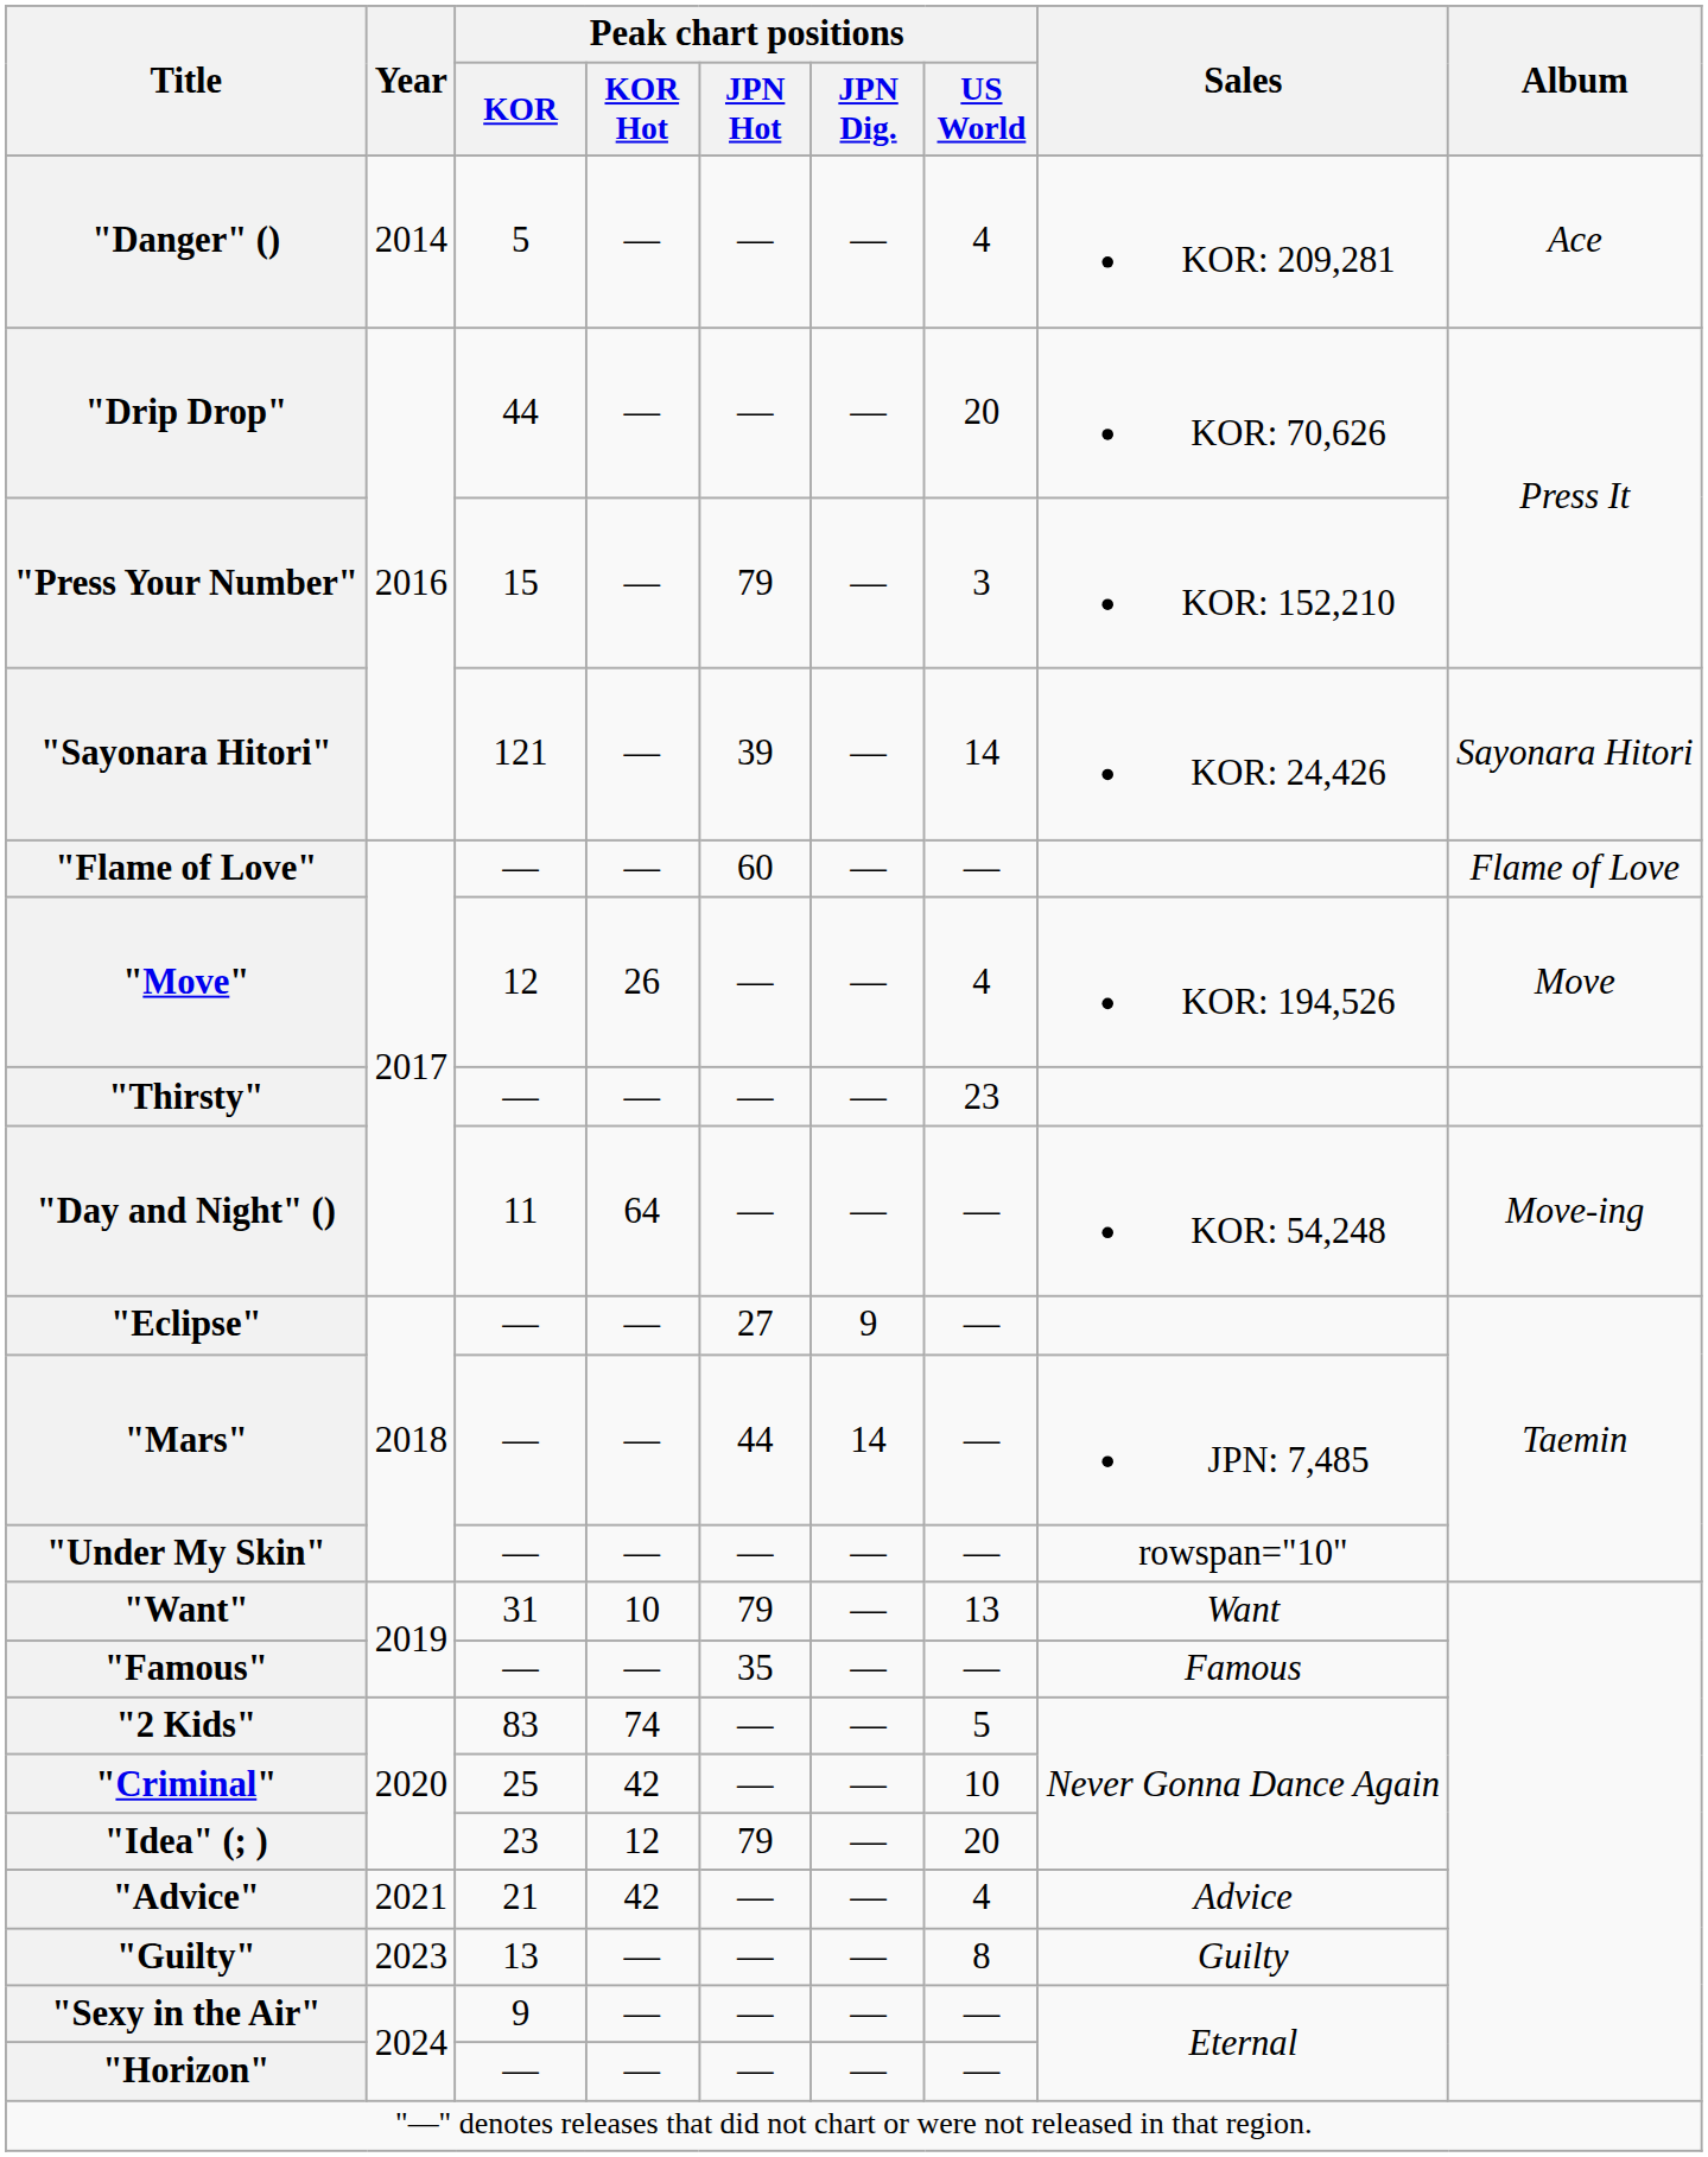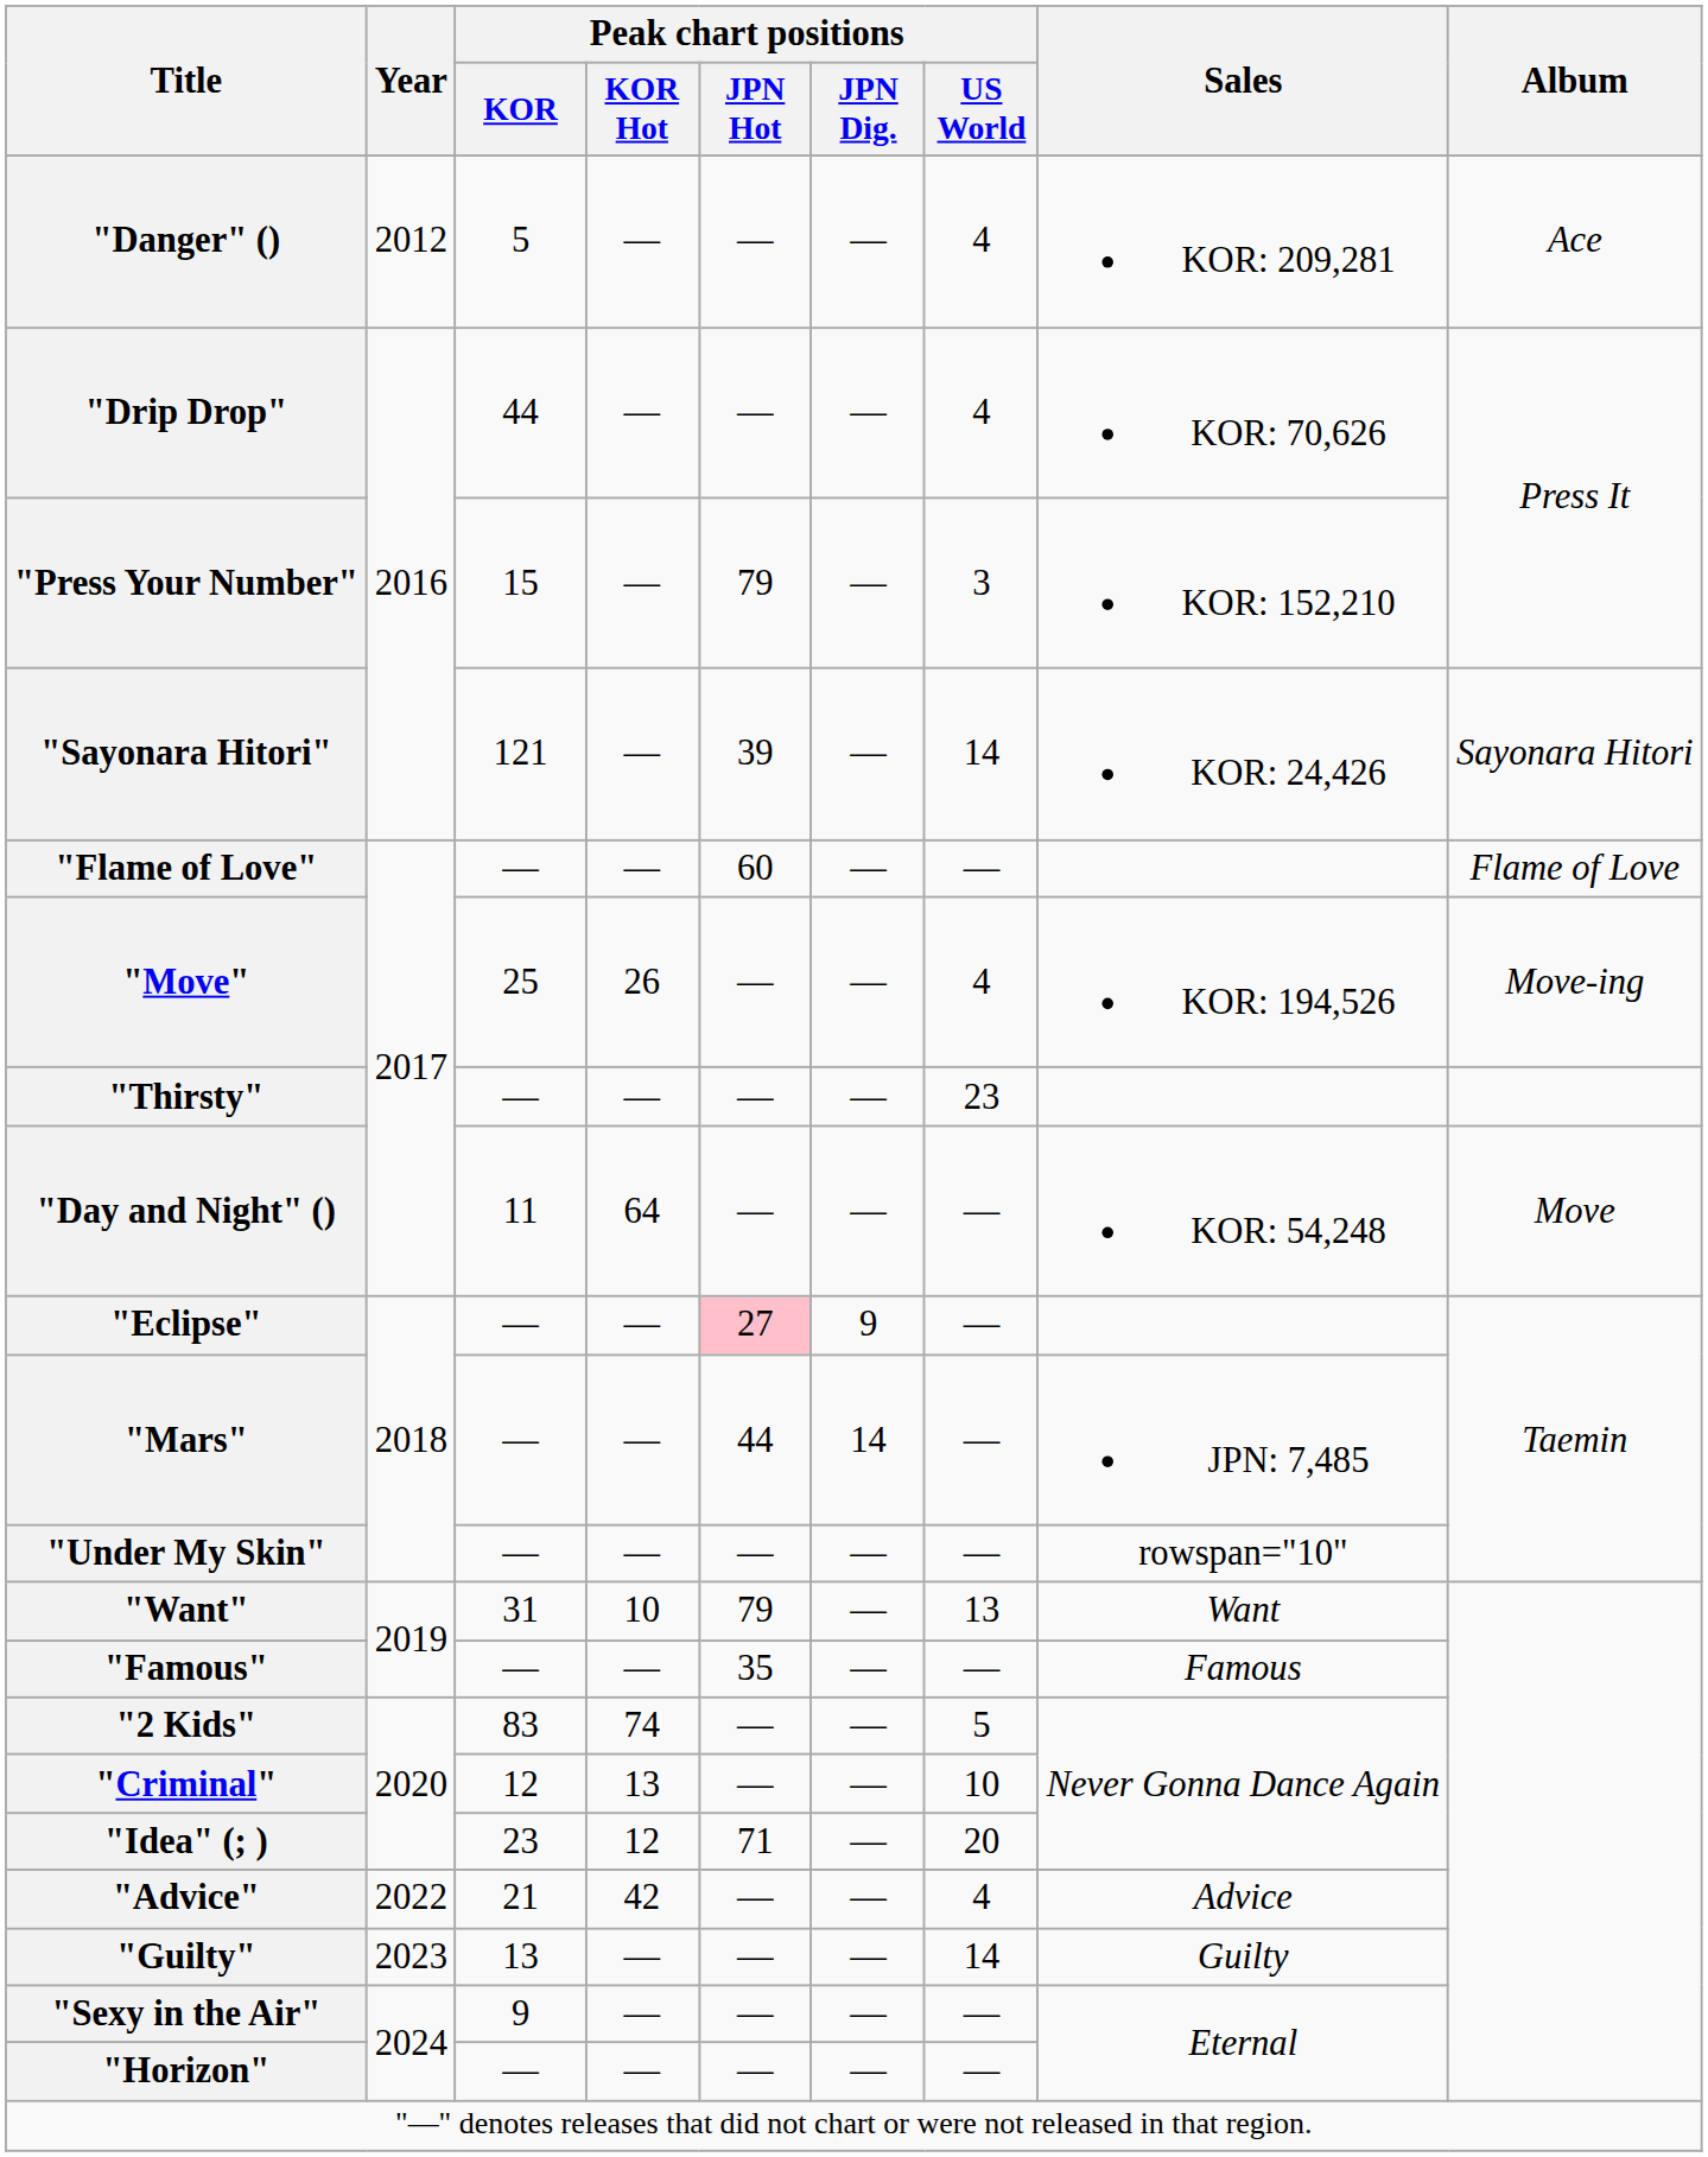 <table class="wikitable plainrowheaders" style="text-align:center;">
 <tr>
 <th scope="col" rowspan="2">Title</th>
 <th scope="col" rowspan="2">Year</th>
 <th scope="col" colspan="5">Peak chart positions</th>
 <th scope="col" rowspan="2">Sales</th>
 <th scope="col" rowspan="2">Album</th>
 </tr>
 <tr>
 <th scope="col" style="width:3.5em;font-size:90%;"><a href='#'>KOR</a><br></th>
 <th scope="col" style="width:3em;font-size:90%;"><a href='#'>KOR<br>Hot</a><br></th>
 <th scope="col" style="width:3em;font-size:90%;"><a href='#'>JPN<br>Hot</a><br></th>
 <th scope="col" style="width:3em;font-size:90%;"><a href='#'>JPN<br>Dig.</a><br></th>
 <th scope="col" style="width:3em;font-size:90%;"><a href='#'>US<br>World</a><br></th>
 </tr>
 <tr>
 <th scope="row">"Danger" ()</th>
-<td>2014</td>
+<td>2012</td>
 <td>5</td>
 <td>—</td>
 <td>—</td>
 <td>—</td>
 <td>4</td>
 <td><br><ul><li>KOR: 209,281</li></ul></td>
 <td><em>Ace</em></td>
 </tr>
 <tr>
 <th scope="row">"Drip Drop"</th>
 <td rowspan="3">2016</td>
 <td>44</td>
 <td>—</td>
 <td>—</td>
 <td>—</td>
-<td>20</td>
+<td>4</td>
 <td><br><ul><li>KOR: 70,626</li></ul></td>
 <td rowspan="2"><em>Press It</em></td>
 </tr>
 <tr>
 <th scope="row">"Press Your Number"</th>
 <td>15</td>
 <td>—</td>
 <td>79</td>
 <td>—</td>
 <td>3</td>
 <td><br><ul><li>KOR: 152,210</li></ul></td>
 </tr>
 <tr>
 <th scope="row">"Sayonara Hitori" </th>
 <td>121</td>
 <td>—</td>
 <td>39</td>
 <td>—</td>
 <td>14</td>
 <td><br><ul><li>KOR: 24,426</li></ul></td>
 <td><em>Sayonara Hitori</em></td>
 </tr>
 <tr>
 <th scope="row">"Flame of Love"</th>
 <td rowspan="4">2017</td>
 <td>—</td>
 <td>—</td>
 <td>60</td>
 <td>—</td>
 <td>—</td>
 <td></td>
 <td><em>Flame of Love</em></td>
 </tr>
 <tr>
 <th scope="row">"<a href='#'>Move</a>"</th>
-<td>12</td>
+<td>25</td>
 <td>26</td>
 <td>—</td>
 <td>—</td>
 <td>4</td>
 <td><br><ul><li>KOR: 194,526</li></ul></td>
-<td><em>Move</em></td>
+<td><em>Move-ing</em></td>
 </tr>
 <tr>
 <th scope="row">"Thirsty" </th>
 <td>—</td>
 <td>—</td>
 <td>—</td>
 <td>—</td>
 <td>23</td>
 <td></td>
 <td></td>
 </tr>
 <tr>
 <th scope="row">"Day and Night" ()</th>
 <td>11</td>
 <td>64</td>
 <td>—</td>
 <td>—</td>
 <td>—</td>
 <td><br><ul><li>KOR: 54,248</li></ul></td>
-<td><em>Move-ing</em></td>
+<td><em>Move</em></td>
 </tr>
 <tr>
 <th scope="row">"Eclipse"</th>
 <td rowspan="3">2018</td>
 <td>—</td>
 <td>—</td>
-<td>27</td>
+<td style="background: pink;">27</td>
 <td>9</td>
 <td>—</td>
 <td></td>
 <td rowspan="3"><em>Taemin</em></td>
 </tr>
 <tr>
 <th scope="row">"Mars"</th>
 <td>—</td>
 <td>—</td>
 <td>44</td>
 <td>14</td>
 <td>—</td>
 <td><br><ul><li>JPN: 7,485</li></ul></td>
 </tr>
 <tr>
 <th scope="row">"Under My Skin"</th>
 <td>—</td>
 <td>—</td>
 <td>—</td>
 <td>—</td>
 <td>—</td>
 <td>rowspan="10" </td>
 </tr>
 <tr>
 <th scope="row">"Want"</th>
 <td rowspan="2">2019</td>
 <td>31</td>
 <td>10</td>
 <td>79</td>
 <td>—</td>
 <td>13</td>
 <td><em>Want</em></td>
 </tr>
 <tr>
 <th scope="row">"Famous"</th>
 <td>—</td>
 <td>—</td>
 <td>35</td>
 <td>—</td>
 <td>—</td>
 <td><em>Famous</em></td>
 </tr>
 <tr>
 <th scope="row">"2 Kids"</th>
 <td rowspan="3">2020</td>
 <td>83</td>
 <td>74</td>
 <td>—</td>
 <td>—</td>
 <td>5</td>
 <td rowspan="3"><em>Never Gonna Dance Again</em></td>
 </tr>
 <tr>
 <th scope="row">"<a href='#'>Criminal</a>"</th>
-<td>25</td>
-<td>42</td>
+<td>12</td>
+<td>13</td>
 <td>—</td>
 <td>—</td>
 <td>10</td>
 </tr>
 <tr>
 <th scope="row">"Idea" (; )</th>
 <td>23</td>
 <td>12</td>
-<td>79</td>
+<td>71</td>
 <td>—</td>
 <td>20</td>
 </tr>
 <tr>
 <th scope="row">"Advice"</th>
-<td>2021</td>
+<td>2022</td>
 <td>21</td>
 <td>42</td>
 <td>—</td>
 <td>—</td>
 <td>4</td>
 <td><em>Advice</em></td>
 </tr>
 <tr>
 <th scope="row">"Guilty"</th>
 <td>2023</td>
 <td>13</td>
 <td>—</td>
 <td>—</td>
 <td>—</td>
-<td>8</td>
+<td>14</td>
 <td><em>Guilty</em></td>
 </tr>
 <tr>
 <th scope="row">"Sexy in the Air"</th>
 <td rowspan="2">2024</td>
 <td>9</td>
 <td>—</td>
 <td>—</td>
 <td>—</td>
 <td>—</td>
 <td rowspan="2"><em>Eternal</em></td>
 </tr>
 <tr>
 <th scope="row">"Horizon"</th>
 <td>—</td>
 <td>—</td>
 <td>—</td>
 <td>—</td>
 <td>—</td>
 </tr>
 <tr>
 <td colspan="9" style="font-size:85%">"—" denotes releases that did not chart or were not released in that region.</td>
 </tr>
 </table>
